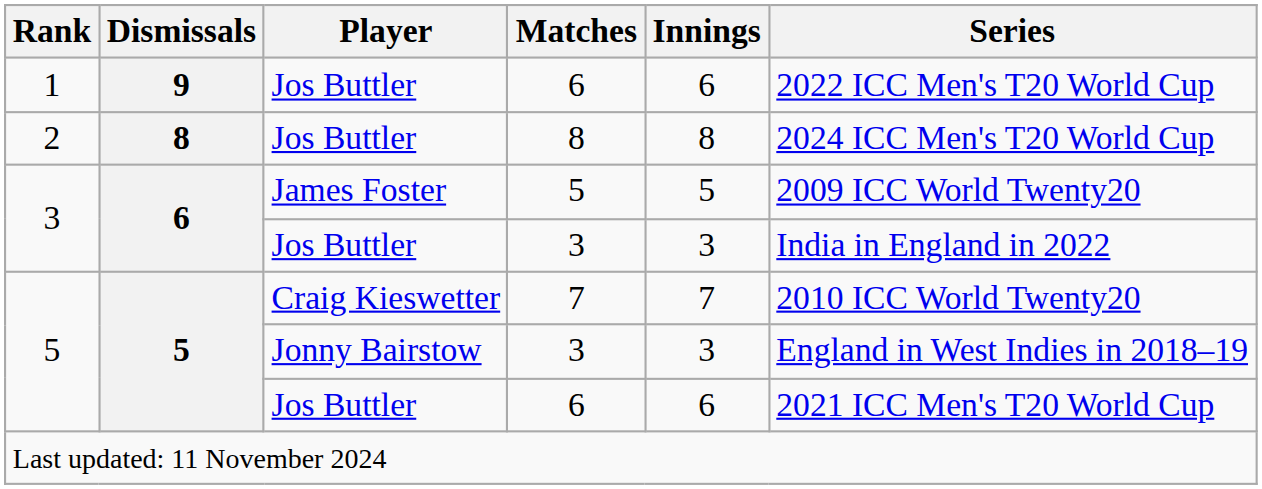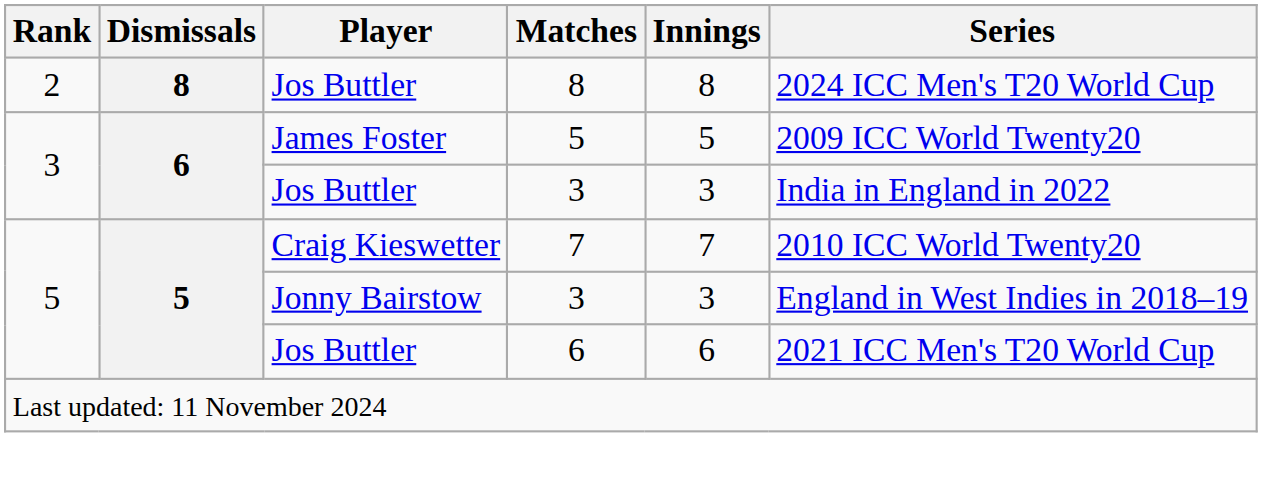 <table class="wikitable plainrowheaders" style=text-align:center>
 <tr>
 <th scope=col>Rank</th>
 <th scope=col>Dismissals</th>
 <th scope=col>Player</th>
 <th scope=col>Matches</th>
 <th scope=col>Innings</th>
 <th scope=col>Series</th>
-</tr>
-<tr>
-<td>1</td>
-<th scope=row style=text-align:center;>9</th>
-<td align=left><a href='#'>Jos Buttler</a></td>
-<td>6</td>
-<td>6</td>
-<td align=left><a href='#'>2022 ICC Men's T20 World Cup</a></td>
 </tr>
 <tr>
 <td>2</td>
 <th scope=row style=text-align:center;>8</th>
 <td align=left><a href='#'>Jos Buttler</a></td>
 <td>8</td>
 <td>8</td>
 <td align=left><a href='#'>2024 ICC Men's T20 World Cup</a></td>
 </tr>
 <tr>
 <td rowspan=2>3</td>
 <th scope=row style=text-align:center; rowspan=2>6</th>
 <td align=left><a href='#'>James Foster</a></td>
 <td>5</td>
 <td>5</td>
 <td align=left><a href='#'>2009 ICC World Twenty20</a></td>
 </tr>
 <tr>
 <td align=left><a href='#'>Jos Buttler</a></td>
 <td>3</td>
 <td>3</td>
 <td align=left><a href='#'>India in England in 2022</a></td>
 </tr>
 <tr>
 <td rowspan=3>5</td>
 <th scope=row style=text-align:center; rowspan=3>5</th>
 <td align=left><a href='#'>Craig Kieswetter</a></td>
 <td>7</td>
 <td>7</td>
 <td align=left><a href='#'>2010 ICC World Twenty20</a></td>
 </tr>
 <tr>
 <td align=left><a href='#'>Jonny Bairstow</a></td>
 <td>3</td>
 <td>3</td>
 <td align=left><a href='#'>England in West Indies in 2018–19</a></td>
 </tr>
 <tr>
 <td align=left><a href='#'>Jos Buttler</a></td>
 <td>6</td>
 <td>6</td>
 <td align=left><a href='#'>2021 ICC Men's T20 World Cup</a></td>
 </tr>
 <tr>
 <td align=left colspan=6><small>Last updated: 11 November 2024</small></td>
 </tr>
 </table>
